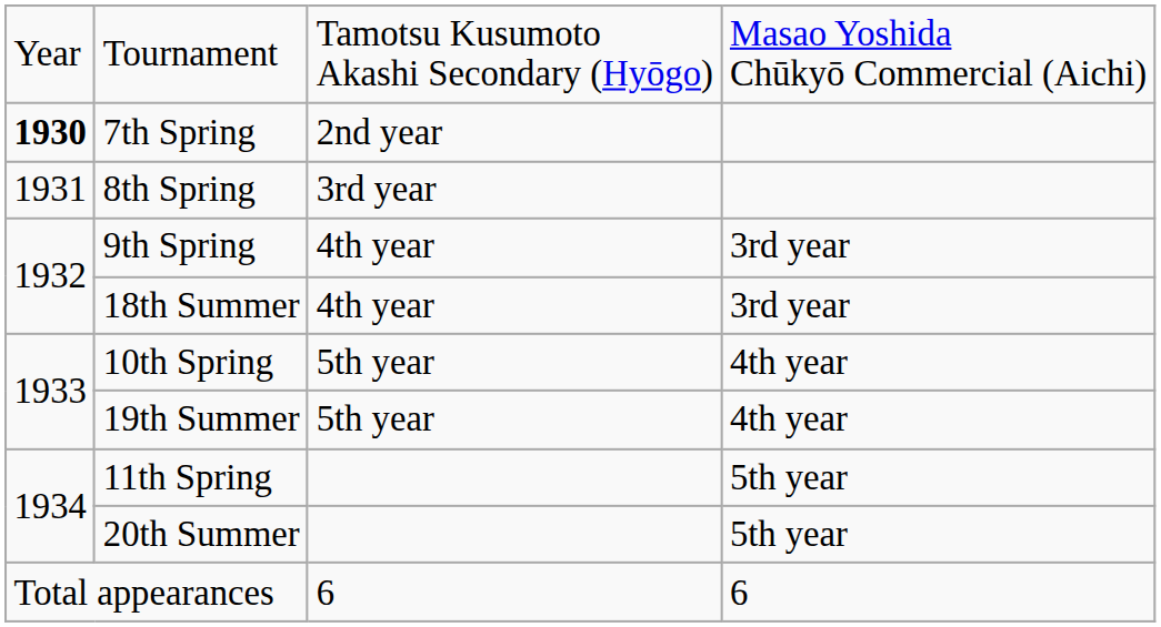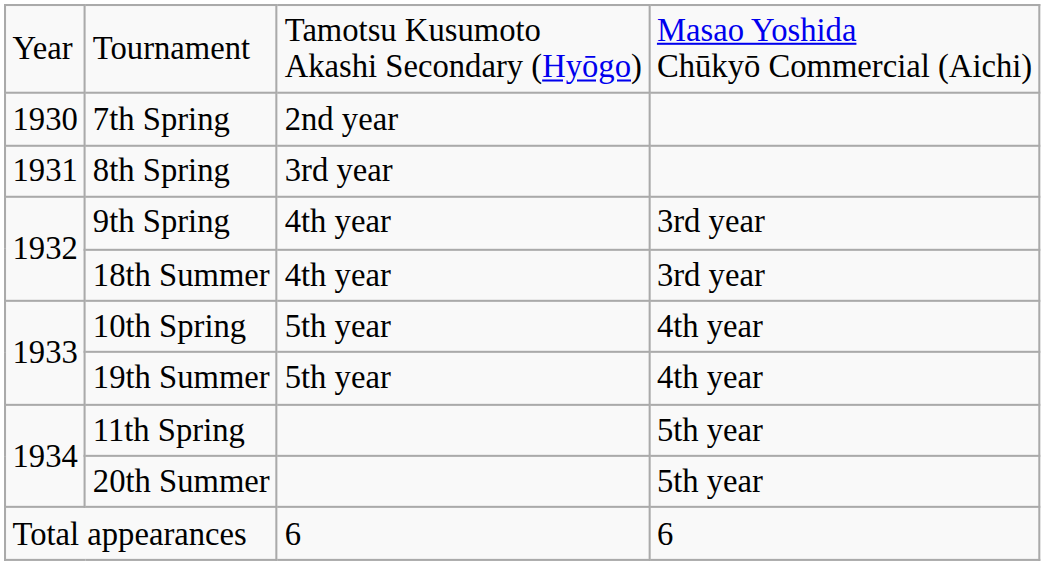 <table class=wikitable>
 <tr>
 <td>Year</td>
 <td>Tournament</td>
 <td>Tamotsu Kusumoto<br>Akashi Secondary (<a href='#'>Hyōgo</a>)</td>
 <td><a href='#'>Masao Yoshida</a><br>Chūkyō Commercial (Aichi)</td>
 </tr>
 <tr>
-<td><strong>1930</strong></td>
+<td>1930</td>
 <td>7th Spring</td>
 <td>2nd year</td>
 <td></td>
 </tr>
 <tr>
 <td>1931</td>
 <td>8th Spring</td>
 <td>3rd year</td>
 <td></td>
 </tr>
 <tr>
 <td rowspan="2" valign="center">1932</td>
 <td>9th Spring</td>
 <td>4th year</td>
 <td>3rd year</td>
 </tr>
 <tr>
 <td>18th Summer</td>
 <td>4th year</td>
 <td>3rd year</td>
 </tr>
 <tr>
 <td rowspan="2" valign="center">1933</td>
 <td>10th Spring</td>
 <td>5th year</td>
 <td>4th year</td>
 </tr>
 <tr>
 <td>19th Summer</td>
 <td>5th year</td>
 <td>4th year</td>
 </tr>
 <tr>
 <td rowspan="2" valign="center">1934</td>
 <td>11th Spring</td>
 <td></td>
 <td>5th year</td>
 </tr>
 <tr>
 <td>20th Summer</td>
 <td></td>
 <td>5th year</td>
 </tr>
 <tr>
 <td colspan="2">Total appearances</td>
 <td>6</td>
 <td>6</td>
 </tr>
 </table>
